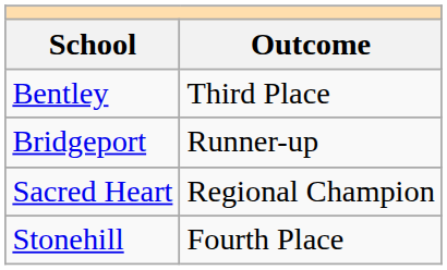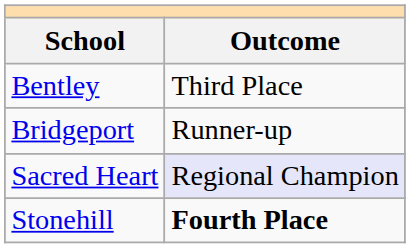 <table class="wikitable" style="float:left; margin-right:1em;">
 <tr>
 <th colspan="3" style="background:#ffdead;"></th>
 </tr>
 <tr>
 <th>School</th>
 <th>Outcome</th>
 </tr>
 <tr>
 <td><a href='#'>Bentley</a></td>
 <td>Third Place</td>
 </tr>
 <tr>
 <td><a href='#'>Bridgeport</a></td>
 <td>Runner-up</td>
 </tr>
 <tr>
 <td><a href='#'>Sacred Heart</a></td>
-<td>Regional Champion</td>
+<td style="background: lavender;">Regional Champion</td>
 </tr>
 <tr>
 <td><a href='#'>Stonehill</a></td>
-<td>Fourth Place</td>
+<td><strong>Fourth Place</strong></td>
 </tr>
 </table>
